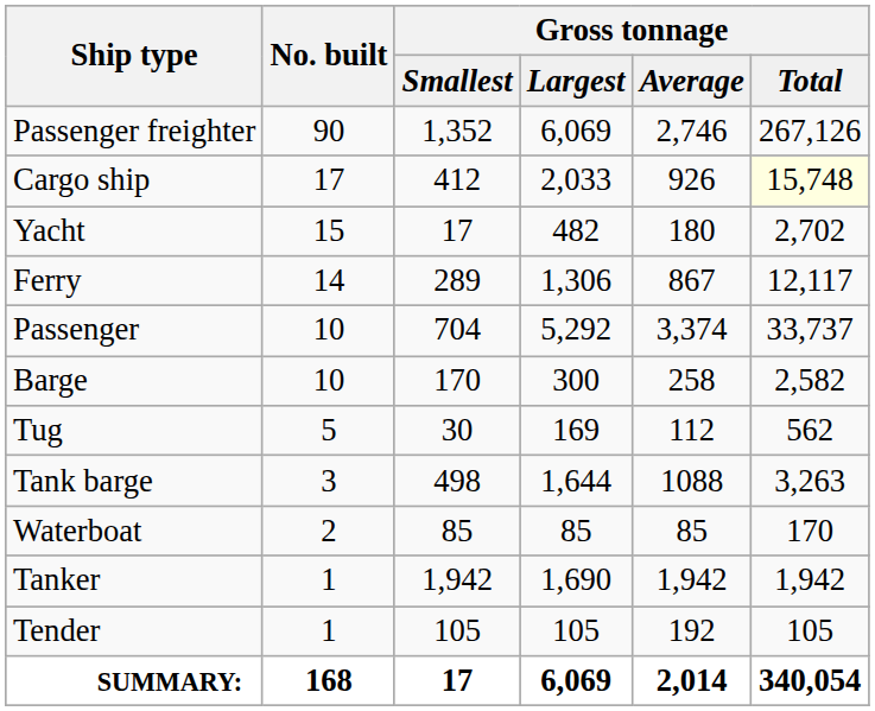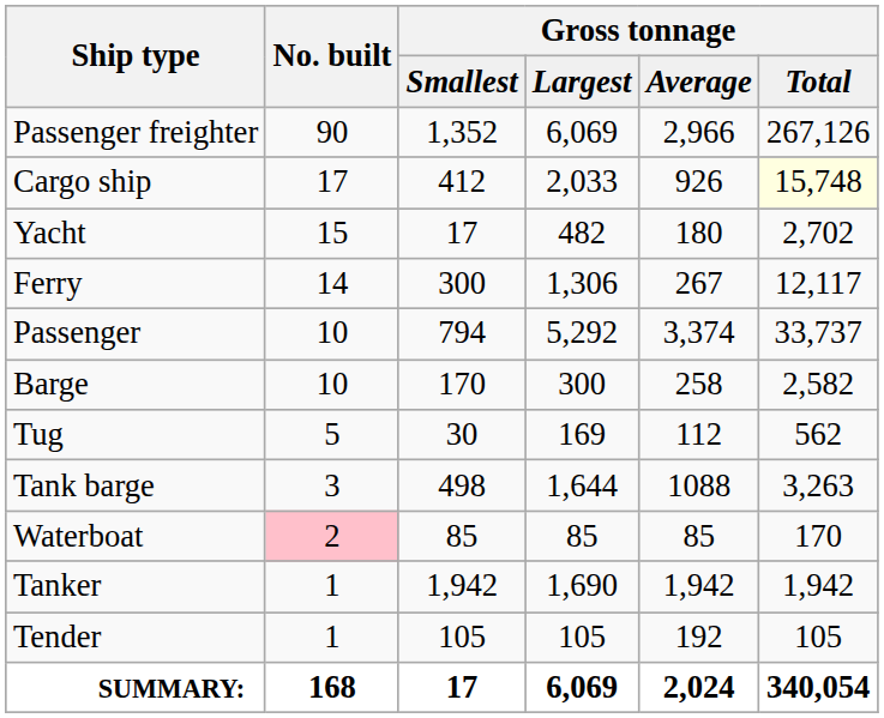 <table class="wikitable">
 <tr>
 <th rowspan="2">Ship type</th>
 <th rowspan="2">No. built</th>
 <th colspan="4">Gross tonnage</th>
 </tr>
 <tr style="background:#f0f0f0;">
 <td align="center"><strong><em>Smallest</em></strong></td>
 <td align="center"><strong><em>Largest</em></strong></td>
 <td align="center"><strong><em>Average</em></strong></td>
 <td align="center"><strong><em>Total</em></strong></td>
 </tr>
 <tr align="center">
 <td align="left">Passenger freighter</td>
 <td>90</td>
 <td>1,352</td>
 <td>6,069</td>
-<td>2,746</td>
+<td>2,966</td>
 <td>267,126</td>
 </tr>
 <tr align="center">
 <td align="left">Cargo ship</td>
 <td>17</td>
 <td>412</td>
 <td>2,033</td>
 <td>926</td>
 <td style="background: lightyellow;">15,748</td>
 </tr>
 <tr align="center">
 <td align="left">Yacht</td>
 <td>15</td>
 <td>17</td>
 <td>482</td>
 <td>180</td>
 <td>2,702</td>
 </tr>
 <tr align="center">
 <td align="left">Ferry</td>
 <td>14</td>
-<td>289</td>
+<td>300</td>
 <td>1,306</td>
-<td>867</td>
+<td>267</td>
 <td>12,117</td>
 </tr>
 <tr align="center">
 <td align="left">Passenger</td>
 <td>10</td>
-<td>704</td>
+<td>794</td>
 <td>5,292</td>
 <td>3,374</td>
 <td>33,737</td>
 </tr>
 <tr align="center">
 <td align="left">Barge</td>
 <td>10</td>
 <td>170</td>
 <td>300</td>
 <td>258</td>
 <td>2,582</td>
 </tr>
 <tr align="center">
 <td align="left">Tug</td>
 <td>5</td>
 <td>30</td>
 <td>169</td>
 <td>112</td>
 <td>562</td>
 </tr>
 <tr align="center">
 <td align="left">Tank barge</td>
 <td>3</td>
 <td>498</td>
 <td>1,644</td>
 <td>1088</td>
 <td>3,263</td>
 </tr>
 <tr align="center">
 <td align="left">Waterboat</td>
-<td>2</td>
+<td style="background: pink;">2</td>
 <td>85</td>
 <td>85</td>
 <td>85</td>
 <td>170</td>
 </tr>
 <tr align="center">
 <td align="left">Tanker</td>
 <td>1</td>
 <td>1,942</td>
 <td>1,690</td>
 <td>1,942</td>
 <td>1,942</td>
 </tr>
 <tr align="center">
 <td align="left">Tender</td>
 <td>1</td>
 <td>105</td>
 <td>105</td>
 <td>192</td>
 <td>105</td>
 </tr>
 <tr class="sortbottom" style="background:white; font-weight:600;" align="center">
 <td align="right"><small>SUMMARY:  </small></td>
 <td>168</td>
 <td>17</td>
 <td>6,069</td>
-<td>2,014</td>
+<td>2,024</td>
 <td>340,054</td>
 </tr>
 </table>
